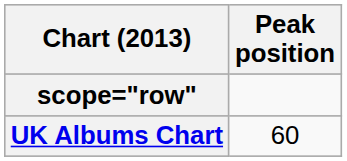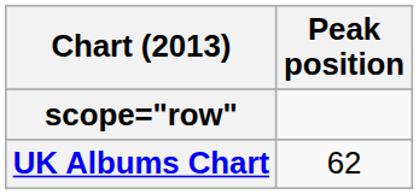 <table class="wikitable sortable plainrowheaders" style="text-align:center">
 <tr>
 <th scope="col">Chart (2013)</th>
 <th scope="col">Peak<br>position</th>
 </tr>
 <tr>
 <th>scope="row" </th>
 </tr>
 <tr>
 <th scope="row"><a href='#'>UK Albums Chart</a></th>
-<td style="text-align:center;">60</td>
+<td style="text-align:center;">62</td>
 </tr>
 </table>
